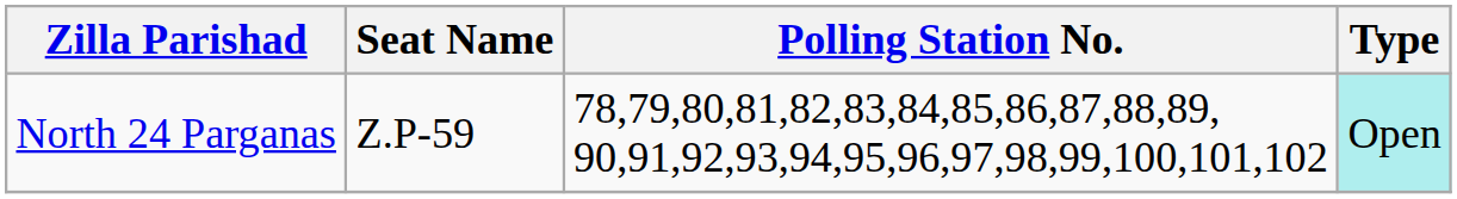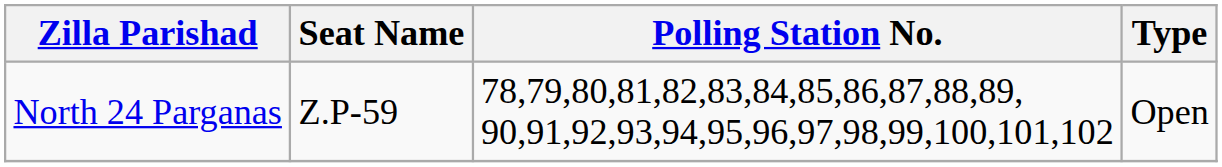 <table class=wikitable>
 <tr>
 <th><a href='#'>Zilla Parishad</a></th>
 <th>Seat Name</th>
 <th><a href='#'>Polling Station</a> No.</th>
 <th>Type</th>
 </tr>
 <tr>
 <td><a href='#'>North 24 Parganas</a></td>
 <td>Z.P-59</td>
 <td>78,79,80,81,82,83,84,85,86,87,88,89,<br>90,91,92,93,94,95,96,97,98,99,100,101,102</td>
-<td style="background: paleturquoise;">Open</td>
+<td>Open</td>
 </tr>
 <tr>
 </tr>
 </table>
